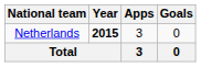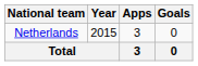 <table class=wikitable style=text-align:center>
 <tr>
 <th>National team</th>
 <th>Year</th>
 <th>Apps</th>
 <th>Goals</th>
 </tr>
 <tr>
 <td><a href='#'>Netherlands</a></td>
-<td><strong>2015</strong></td>
+<td>2015</td>
 <td>3</td>
 <td>0</td>
 </tr>
 <tr>
 <th colspan="2">Total</th>
 <th>3</th>
 <th>0</th>
 </tr>
 </table>
